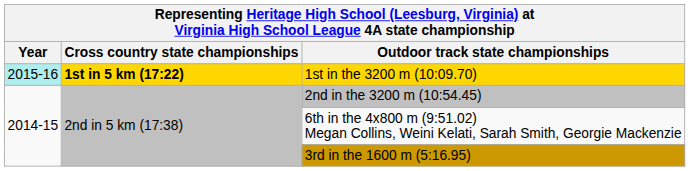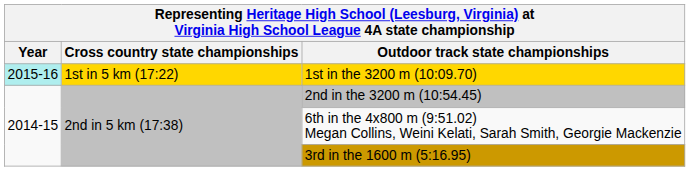 <table class="wikitable sortable">
 <tr>
 <th colspan="7">Representing <a href='#'>Heritage High School (Leesburg, Virginia)</a> at<br><a href='#'>Virginia High School League</a> 4A state championship</th>
 </tr>
 <tr>
 <th>Year</th>
 <th>Cross country state championships</th>
 <th>Outdoor track state championships</th>
 </tr>
 <tr>
 <td Rowspan=1 style="background: paleturquoise;">2015-16</td>
-<td Rowspan=1 bgcolor=gold><strong>1st in 5 km (17:22)</strong></td>
+<td Rowspan=1 bgcolor=gold>1st in 5 km (17:22)</td>
 <td bgcolor=gold>1st in the 3200 m (10:09.70)</td>
 </tr>
 <tr>
 <td Rowspan=3>2014-15</td>
 <td Rowspan=3 bgcolor=silver>2nd in 5 km (17:38)</td>
 <td bgcolor=silver>2nd in the 3200 m (10:54.45)</td>
 </tr>
 <tr>
 <td>6th in the 4x800 m (9:51.02)<br>Megan Collins, Weini Kelati, Sarah Smith, Georgie Mackenzie</td>
 </tr>
 <tr>
 <td bgcolor=cc9900>3rd in the 1600 m (5:16.95)</td>
 </tr>
 </table>
